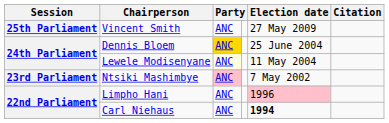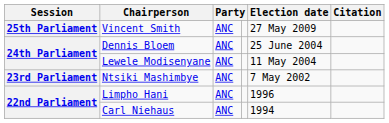 <table class="wikitable">
 <tr>
 <th>Session</th>
 <th>Chairperson</th>
 <th colspan="2">Party</th>
 <th>Election date</th>
 <th>Citation</th>
 </tr>
 <tr>
 <th><a href='#'><strong>25th Parliament</strong></a></th>
 <td><a href='#'>Vincent Smith</a></td>
 <td><a href='#'>ANC</a></td>
 <td></td>
 <td>27 May 2009</td>
 <td></td>
 </tr>
 <tr>
 <th rowspan="2"><a href='#'><strong>24th Parliament</strong></a></th>
 <td><a href='#'>Dennis Bloem</a></td>
-<td style="background: gold;"><a href='#'>ANC</a></td>
+<td><a href='#'>ANC</a></td>
 <td></td>
 <td>25 June 2004</td>
 <td></td>
 </tr>
 <tr>
 <td><a href='#'>Lewele Modisenyane</a></td>
-<td style="background: lightyellow;"><a href='#'>ANC</a></td>
+<td><a href='#'>ANC</a></td>
 <td></td>
 <td>11 May 2004</td>
 <td></td>
 </tr>
 <tr>
 <th><a href='#'>23rd Parliament</a></th>
 <td><a href='#'>Ntsiki Mashimbye</a></td>
-<td style="background: pink;"><a href='#'>ANC</a></td>
+<td><a href='#'>ANC</a></td>
 <td></td>
 <td>7 May 2002</td>
 <td></td>
 </tr>
 <tr>
 <th rowspan="2"><a href='#'><strong>22nd Parliament</strong></a></th>
 <td><a href='#'>Limpho Hani</a></td>
 <td><a href='#'>ANC</a></td>
 <td></td>
-<td style="background: pink;">1996</td>
+<td>1996</td>
 <td></td>
 </tr>
 <tr>
 <td><a href='#'>Carl Niehaus</a></td>
 <td><a href='#'>ANC</a></td>
 <td></td>
-<td><strong>1994</strong></td>
+<td>1994</td>
 <td></td>
 </tr>
 </table>
